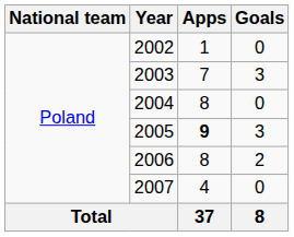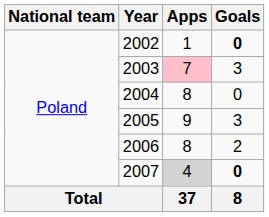 <table class="wikitable" style="text-align:center">
 <tr>
 <th>National team</th>
 <th>Year</th>
 <th>Apps</th>
 <th>Goals</th>
 </tr>
 <tr>
 <td rowspan="6"><a href='#'>Poland</a></td>
 <td>2002</td>
 <td>1</td>
-<td>0</td>
+<td><strong>0</strong></td>
 </tr>
 <tr>
 <td>2003</td>
-<td>7</td>
+<td style="background: pink;">7</td>
 <td>3</td>
 </tr>
 <tr>
 <td>2004</td>
 <td>8</td>
 <td>0</td>
 </tr>
 <tr>
 <td>2005</td>
-<td><strong>9</strong></td>
+<td>9</td>
 <td>3</td>
 </tr>
 <tr>
 <td>2006</td>
 <td>8</td>
 <td>2</td>
 </tr>
 <tr>
 <td>2007</td>
-<td>4</td>
-<td>0</td>
+<td style="background: lightgrey;">4</td>
+<td><strong>0</strong></td>
 </tr>
 <tr>
 <th colspan="2">Total</th>
 <th>37</th>
 <th>8</th>
 </tr>
 </table>
